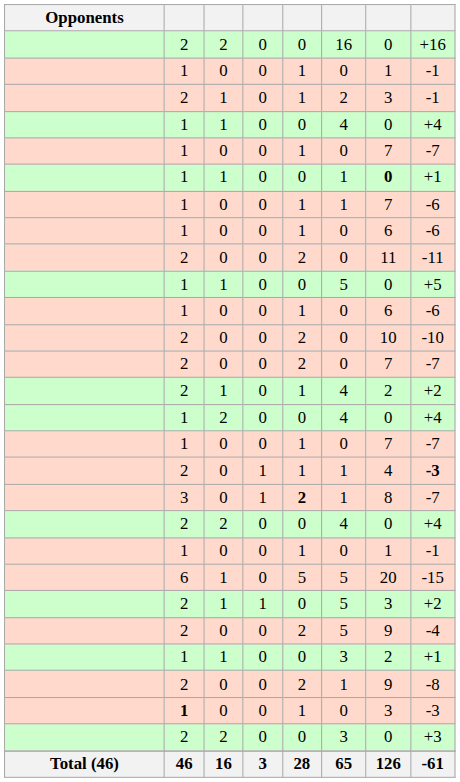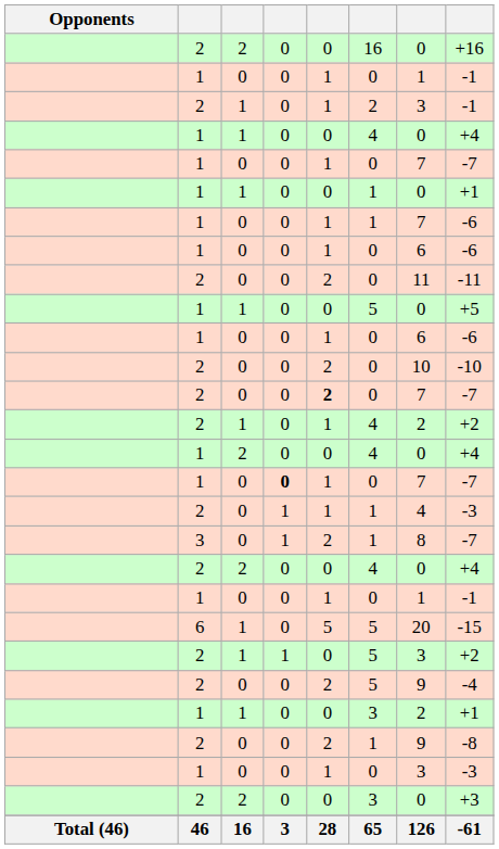 <table class="wikitable sortable" style="text-align: center; font-size: 100%;">
 <tr style="color:black;">
 <th style="width:145px;">Opponents</th>
 <th width=30></th>
 <th width=30></th>
 <th width=30></th>
 <th width=30></th>
 <th width=35></th>
 <th width=35></th>
 <th width=35></th>
 </tr>
 <tr bgcolor="#CCFFCC">
 <td style="text-align: left;"></td>
 <td>2</td>
 <td>2</td>
 <td>0</td>
 <td>0</td>
 <td>16</td>
 <td>0</td>
 <td>+16</td>
 </tr>
 <tr bgcolor="#FFDACC">
 <td style="text-align: left;"></td>
 <td>1</td>
 <td>0</td>
 <td>0</td>
 <td>1</td>
 <td>0</td>
 <td>1</td>
 <td>-1</td>
 </tr>
 <tr bgcolor="#FFDACC">
 <td style="text-align: left;"></td>
 <td>2</td>
 <td>1</td>
 <td>0</td>
 <td>1</td>
 <td>2</td>
 <td>3</td>
 <td>-1</td>
 </tr>
 <tr bgcolor="#CCFFCC">
 <td style="text-align: left;"></td>
 <td>1</td>
 <td>1</td>
 <td>0</td>
 <td>0</td>
 <td>4</td>
 <td>0</td>
 <td>+4</td>
 </tr>
 <tr bgcolor="#FFDACC">
 <td style="text-align: left;"></td>
 <td>1</td>
 <td>0</td>
 <td>0</td>
 <td>1</td>
 <td>0</td>
 <td>7</td>
 <td>-7</td>
 </tr>
 <tr bgcolor="#CCFFCC">
 <td style="text-align: left;"></td>
 <td>1</td>
 <td>1</td>
 <td>0</td>
 <td>0</td>
 <td>1</td>
-<td><strong>0</strong></td>
+<td>0</td>
 <td>+1</td>
 </tr>
 <tr bgcolor="#FFDACC">
 <td style="text-align: left;"></td>
 <td>1</td>
 <td>0</td>
 <td>0</td>
 <td>1</td>
 <td>1</td>
 <td>7</td>
 <td>-6</td>
 </tr>
 <tr bgcolor="#FFDACC">
 <td style="text-align: left;"></td>
 <td>1</td>
 <td>0</td>
 <td>0</td>
 <td>1</td>
 <td>0</td>
 <td>6</td>
 <td>-6</td>
 </tr>
 <tr bgcolor="#FFDACC">
 <td style="text-align: left;"></td>
 <td>2</td>
 <td>0</td>
 <td>0</td>
 <td>2</td>
 <td>0</td>
 <td>11</td>
 <td>-11</td>
 </tr>
 <tr bgcolor="#CCFFCC">
 <td style="text-align: left;"></td>
 <td>1</td>
 <td>1</td>
 <td>0</td>
 <td>0</td>
 <td>5</td>
 <td>0</td>
 <td>+5</td>
 </tr>
 <tr bgcolor="#FFDACC">
 <td style="text-align: left;"></td>
 <td>1</td>
 <td>0</td>
 <td>0</td>
 <td>1</td>
 <td>0</td>
 <td>6</td>
 <td>-6</td>
 </tr>
 <tr bgcolor="#FFDACC">
 <td style="text-align: left;"></td>
 <td>2</td>
 <td>0</td>
 <td>0</td>
 <td>2</td>
 <td>0</td>
 <td>10</td>
 <td>-10</td>
 </tr>
 <tr bgcolor="#FFDACC">
 <td style="text-align: left;"></td>
 <td>2</td>
 <td>0</td>
 <td>0</td>
-<td>2</td>
+<td><strong>2</strong></td>
 <td>0</td>
 <td>7</td>
 <td>-7</td>
 </tr>
 <tr bgcolor="#CCFFCC">
 <td style="text-align: left;"></td>
 <td>2</td>
 <td>1</td>
 <td>0</td>
 <td>1</td>
 <td>4</td>
 <td>2</td>
 <td>+2</td>
 </tr>
 <tr bgcolor="#CCFFCC">
 <td style="text-align: left;"></td>
 <td>1</td>
 <td>2</td>
 <td>0</td>
 <td>0</td>
 <td>4</td>
 <td>0</td>
 <td>+4</td>
 </tr>
 <tr bgcolor="#FFDACC">
 <td style="text-align: left;"></td>
 <td>1</td>
 <td>0</td>
-<td>0</td>
+<td><strong>0</strong></td>
 <td>1</td>
 <td>0</td>
 <td>7</td>
 <td>-7</td>
 </tr>
 <tr bgcolor="#FFDACC">
 <td style="text-align: left;"></td>
 <td>2</td>
 <td>0</td>
 <td>1</td>
 <td>1</td>
 <td>1</td>
 <td>4</td>
-<td><strong>-3</strong></td>
+<td>-3</td>
 </tr>
 <tr bgcolor="#FFDACC">
 <td style="text-align: left;"></td>
 <td>3</td>
 <td>0</td>
 <td>1</td>
-<td><strong>2</strong></td>
+<td>2</td>
 <td>1</td>
 <td>8</td>
 <td>-7</td>
 </tr>
 <tr bgcolor="#CCFFCC">
 <td style="text-align: left;"></td>
 <td>2</td>
 <td>2</td>
 <td>0</td>
 <td>0</td>
 <td>4</td>
 <td>0</td>
 <td>+4</td>
 </tr>
 <tr bgcolor="#FFDACC">
 <td style="text-align: left;"></td>
 <td>1</td>
 <td>0</td>
 <td>0</td>
 <td>1</td>
 <td>0</td>
 <td>1</td>
 <td>-1</td>
 </tr>
 <tr bgcolor="#FFDACC">
 <td style="text-align: left;"></td>
 <td>6</td>
 <td>1</td>
 <td>0</td>
 <td>5</td>
 <td>5</td>
 <td>20</td>
 <td>-15</td>
 </tr>
 <tr bgcolor="#CCFFCC">
 <td style="text-align: left;"></td>
 <td>2</td>
 <td>1</td>
 <td>1</td>
 <td>0</td>
 <td>5</td>
 <td>3</td>
 <td>+2</td>
 </tr>
 <tr bgcolor="#FFDACC">
 <td style="text-align: left;"></td>
 <td>2</td>
 <td>0</td>
 <td>0</td>
 <td>2</td>
 <td>5</td>
 <td>9</td>
 <td>-4</td>
 </tr>
 <tr bgcolor="#CCFFCC">
 <td style="text-align: left;"></td>
 <td>1</td>
 <td>1</td>
 <td>0</td>
 <td>0</td>
 <td>3</td>
 <td>2</td>
 <td>+1</td>
 </tr>
 <tr bgcolor="#FFDACC">
 <td style="text-align: left;"></td>
 <td>2</td>
 <td>0</td>
 <td>0</td>
 <td>2</td>
 <td>1</td>
 <td>9</td>
 <td>-8</td>
 </tr>
 <tr bgcolor="#FFDACC">
 <td style="text-align: left;"></td>
-<td><strong>1</strong></td>
+<td>1</td>
 <td>0</td>
 <td>0</td>
 <td>1</td>
 <td>0</td>
 <td>3</td>
 <td>-3</td>
 </tr>
 <tr bgcolor="#CCFFCC">
 <td style="text-align: left;"></td>
 <td>2</td>
 <td>2</td>
 <td>0</td>
 <td>0</td>
 <td>3</td>
 <td>0</td>
 <td>+3</td>
 </tr>
 <tr bgcolor="#CCFFCC">
 </tr>
 <tr>
 <th>Total (46)</th>
 <th>46</th>
 <th>16</th>
 <th>3</th>
 <th>28</th>
 <th>65</th>
 <th>126</th>
 <th>-61</th>
 </tr>
 </table>
